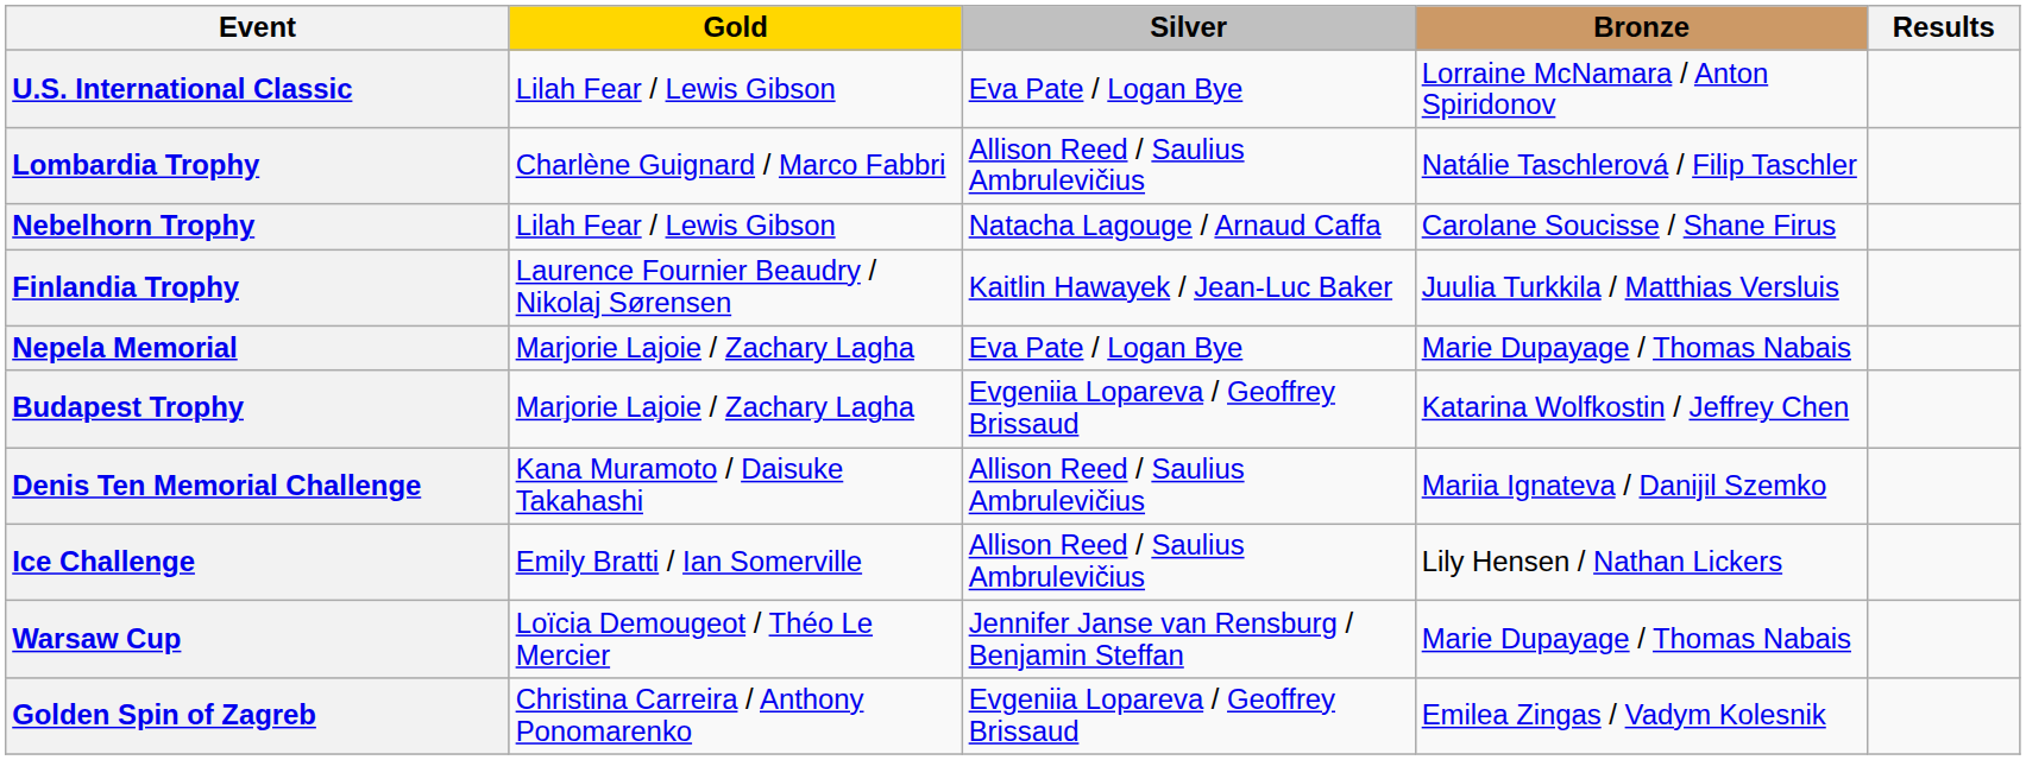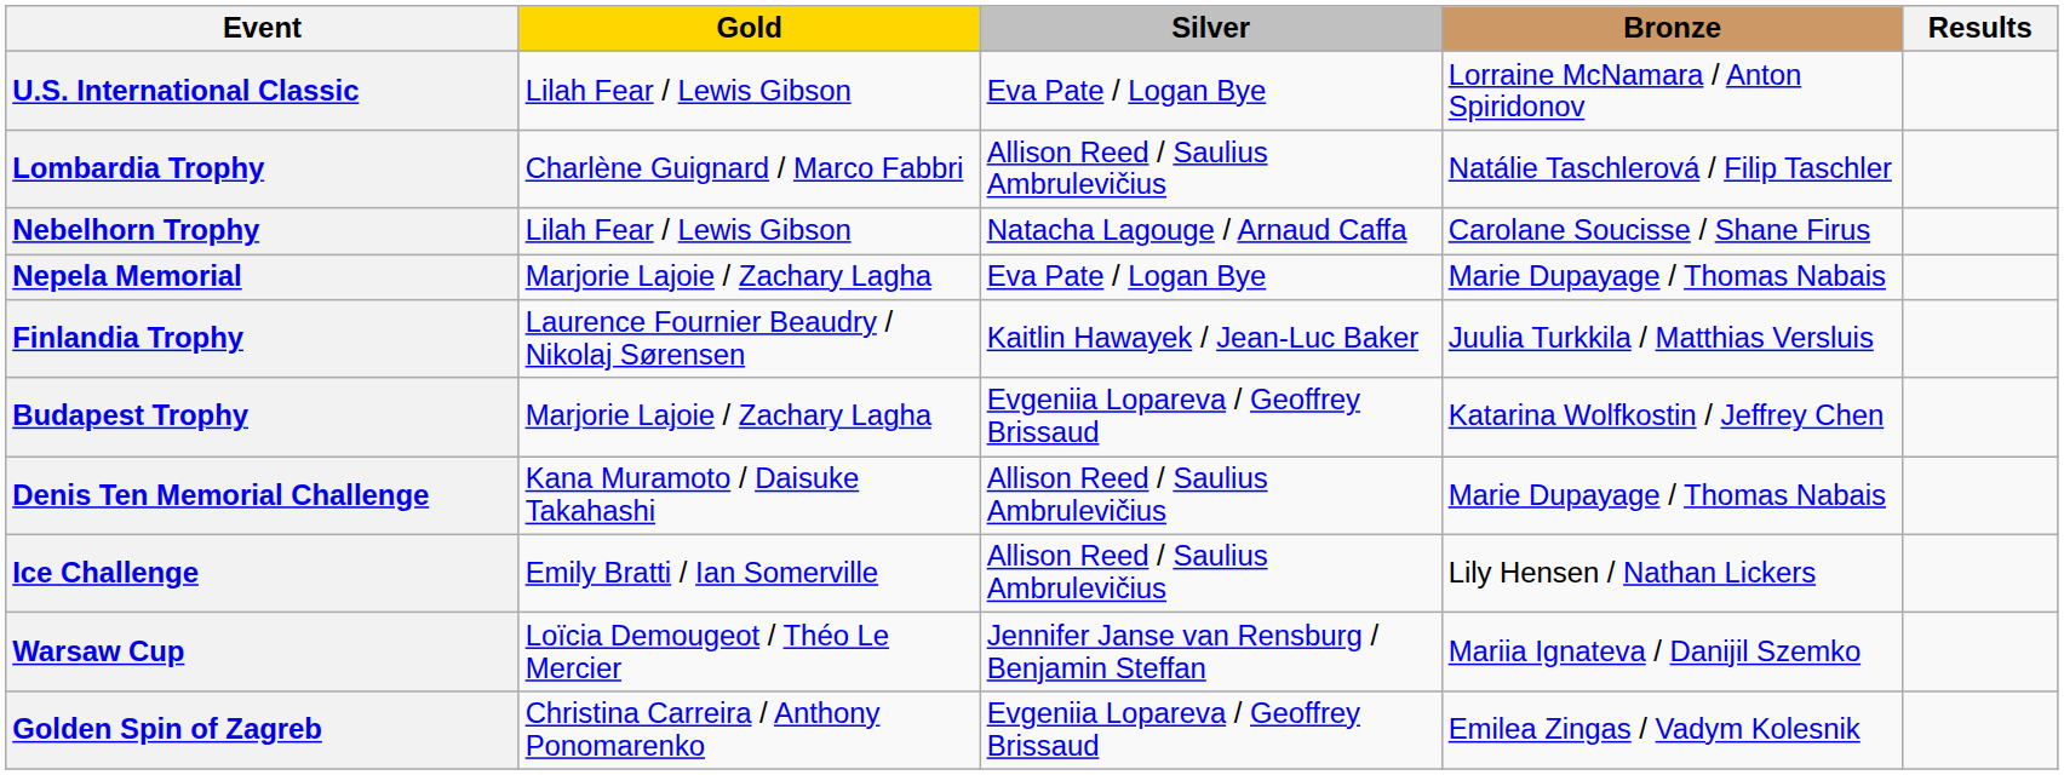 <table class="wikitable unsortable" style="text-align:left; width:90%;">
 <tr>
 <th scope="col" style="text-align:center; width:25%;">Event</th>
 <td scope="col" style="text-align:center; width:22.5%; background:gold"><strong>Gold</strong></td>
 <td scope="col" style="text-align:center; width:22.5%; background:silver"><strong>Silver</strong></td>
 <td scope="col" style="text-align:center; width:22.5%; background:#c96"><strong>Bronze</strong></td>
 <th scope="col" style="text-align:center; width:7.5%;">Results</th>
 </tr>
 <tr>
 <th scope="row" style="text-align:left"> <a href='#'>U.S. International Classic</a></th>
 <td> <a href='#'>Lilah Fear</a> / <a href='#'>Lewis Gibson</a></td>
 <td> <a href='#'>Eva Pate</a> / <a href='#'>Logan Bye</a></td>
 <td> <a href='#'>Lorraine McNamara</a> / <a href='#'>Anton Spiridonov</a></td>
 <td></td>
 </tr>
 <tr>
 <th scope="row" style="text-align:left"> <a href='#'>Lombardia Trophy</a></th>
 <td> <a href='#'>Charlène Guignard</a> / <a href='#'>Marco Fabbri</a></td>
 <td> <a href='#'>Allison Reed</a> / <a href='#'>Saulius Ambrulevičius</a></td>
 <td> <a href='#'>Natálie Taschlerová</a> / <a href='#'>Filip Taschler</a></td>
 <td></td>
 </tr>
 <tr>
 <th scope="row" style="text-align:left"> <a href='#'>Nebelhorn Trophy</a></th>
 <td> <a href='#'>Lilah Fear</a> / <a href='#'>Lewis Gibson</a></td>
 <td> <a href='#'>Natacha Lagouge</a> / <a href='#'>Arnaud Caffa</a></td>
 <td> <a href='#'>Carolane Soucisse</a> / <a href='#'>Shane Firus</a></td>
 <td></td>
 </tr>
 <tr>
+<th scope="row" style="text-align:left"> <a href='#'>Nepela Memorial</a></th>
+<td> <a href='#'>Marjorie Lajoie</a> / <a href='#'>Zachary Lagha</a></td>
+<td> <a href='#'>Eva Pate</a> / <a href='#'>Logan Bye</a></td>
+<td> <a href='#'>Marie Dupayage</a> / <a href='#'>Thomas Nabais</a></td>
+<td></td>
+</tr>
+<tr>
 <th scope="row" style="text-align:left"> <a href='#'>Finlandia Trophy</a></th>
 <td> <a href='#'>Laurence Fournier Beaudry</a> / <a href='#'>Nikolaj Sørensen</a></td>
 <td> <a href='#'>Kaitlin Hawayek</a> / <a href='#'>Jean-Luc Baker</a></td>
 <td> <a href='#'>Juulia Turkkila</a> / <a href='#'>Matthias Versluis</a></td>
-<td></td>
-</tr>
-<tr>
-<th scope="row" style="text-align:left"> <a href='#'>Nepela Memorial</a></th>
-<td> <a href='#'>Marjorie Lajoie</a> / <a href='#'>Zachary Lagha</a></td>
-<td> <a href='#'>Eva Pate</a> / <a href='#'>Logan Bye</a></td>
-<td> <a href='#'>Marie Dupayage</a> / <a href='#'>Thomas Nabais</a></td>
 <td></td>
 </tr>
 <tr>
 <th scope="row" style="text-align:left"> <a href='#'>Budapest Trophy</a></th>
 <td> <a href='#'>Marjorie Lajoie</a> / <a href='#'>Zachary Lagha</a></td>
 <td> <a href='#'>Evgeniia Lopareva</a> / <a href='#'>Geoffrey Brissaud</a></td>
 <td> <a href='#'>Katarina Wolfkostin</a> / <a href='#'>Jeffrey Chen</a></td>
 <td></td>
 </tr>
 <tr>
 <th scope="row" style="text-align:left"> <a href='#'>Denis Ten Memorial Challenge</a></th>
 <td> <a href='#'>Kana Muramoto</a> / <a href='#'>Daisuke Takahashi</a></td>
 <td> <a href='#'>Allison Reed</a> / <a href='#'>Saulius Ambrulevičius</a></td>
-<td> <a href='#'>Mariia Ignateva</a> / <a href='#'>Danijil Szemko</a></td>
+<td> <a href='#'>Marie Dupayage</a> / <a href='#'>Thomas Nabais</a></td>
 <td></td>
 </tr>
 <tr>
 <th scope="row" style="text-align:left"> <a href='#'>Ice Challenge</a></th>
 <td> <a href='#'>Emily Bratti</a> / <a href='#'>Ian Somerville</a></td>
 <td> <a href='#'>Allison Reed</a> / <a href='#'>Saulius Ambrulevičius</a></td>
 <td> Lily Hensen / <a href='#'>Nathan Lickers</a></td>
 <td></td>
 </tr>
 <tr>
 <th scope="row" style="text-align:left"> <a href='#'>Warsaw Cup</a></th>
 <td> <a href='#'>Loïcia Demougeot</a> / <a href='#'>Théo Le Mercier</a></td>
 <td> <a href='#'>Jennifer Janse van Rensburg</a> / <a href='#'>Benjamin Steffan</a></td>
-<td> <a href='#'>Marie Dupayage</a> / <a href='#'>Thomas Nabais</a></td>
+<td> <a href='#'>Mariia Ignateva</a> / <a href='#'>Danijil Szemko</a></td>
 <td></td>
 </tr>
 <tr>
 <th scope="row" style="text-align:left"> <a href='#'>Golden Spin of Zagreb</a></th>
 <td> <a href='#'>Christina Carreira</a> / <a href='#'>Anthony Ponomarenko</a></td>
 <td> <a href='#'>Evgeniia Lopareva</a> / <a href='#'>Geoffrey Brissaud</a></td>
 <td> <a href='#'>Emilea Zingas</a> / <a href='#'>Vadym Kolesnik</a></td>
 <td></td>
 </tr>
 </table>
